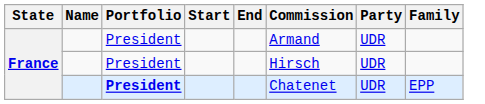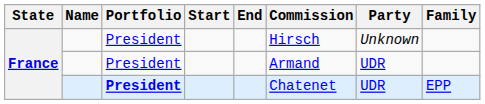 <table class="wikitable sortable" style="font-size: 90%;">
 <tr>
 <th>State</th>
 <th>Name</th>
 <th>Portfolio</th>
 <th>Start</th>
 <th>End</th>
 <th>Commission</th>
 <th>Party</th>
 <th>Family</th>
 </tr>
 <tr>
 <th rowspan=3 bgcolor=#f9f9f9><a href='#'>France</a></th>
 <td></td>
 <td><a href='#'>President</a></td>
 <td></td>
 <td></td>
-<td><a href='#'>Armand</a></td>
-<td><a href='#'>UDR</a></td>
+<td><a href='#'>Hirsch</a></td>
+<td><em>Unknown</em></td>
 <td></td>
 </tr>
 <tr>
 <td></td>
 <td><a href='#'>President</a></td>
 <td></td>
 <td></td>
-<td><a href='#'>Hirsch</a></td>
+<td><a href='#'>Armand</a></td>
 <td><a href='#'>UDR</a></td>
 <td></td>
 </tr>
 <tr bgcolor=#DDEEFF>
 <td></td>
 <td><strong><a href='#'>President</a></strong></td>
 <td></td>
 <td></td>
 <td><a href='#'>Chatenet</a></td>
 <td><a href='#'>UDR</a></td>
 <td><a href='#'>EPP</a></td>
 </tr>
 </table>
